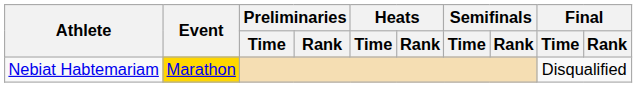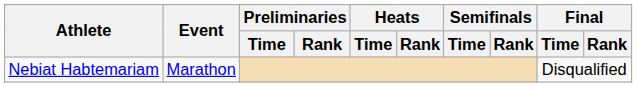 <table class=wikitable style="font-size:90%;">
 <tr>
 <th rowspan="2">Athlete</th>
 <th rowspan="2">Event</th>
 <th colspan="2">Preliminaries</th>
 <th colspan="2">Heats</th>
 <th colspan="2">Semifinals</th>
 <th colspan="2">Final</th>
 </tr>
 <tr>
 <th>Time</th>
 <th>Rank</th>
 <th>Time</th>
 <th>Rank</th>
 <th>Time</th>
 <th>Rank</th>
 <th>Time</th>
 <th>Rank</th>
 </tr>
 <tr style="border-top: single;">
 <td><a href='#'>Nebiat Habtemariam</a></td>
-<td style="background: gold;"><a href='#'>Marathon</a></td>
+<td><a href='#'>Marathon</a></td>
 <td colspan=6 bgcolor="wheat"></td>
 <td align=center colspan=2>Disqualified</td>
 </tr>
 </table>
